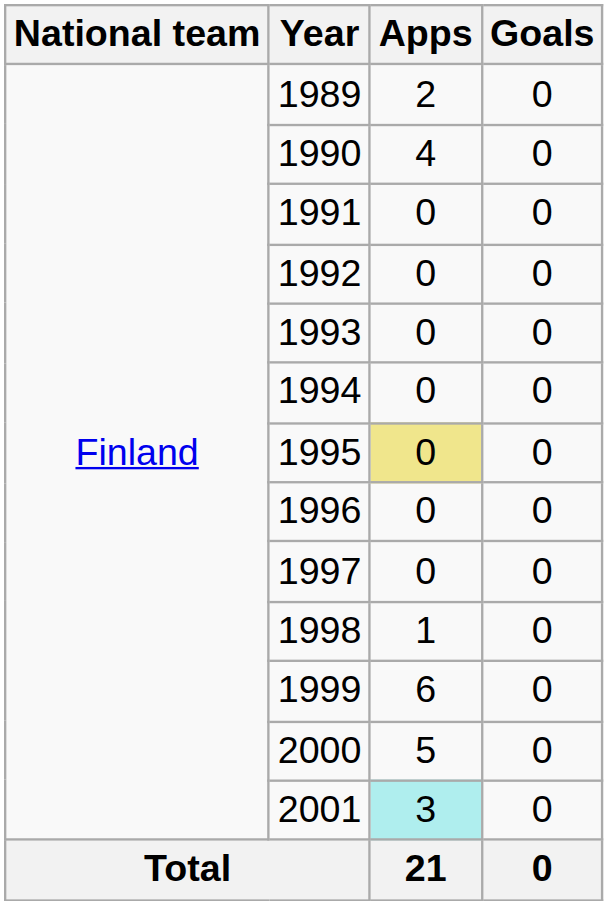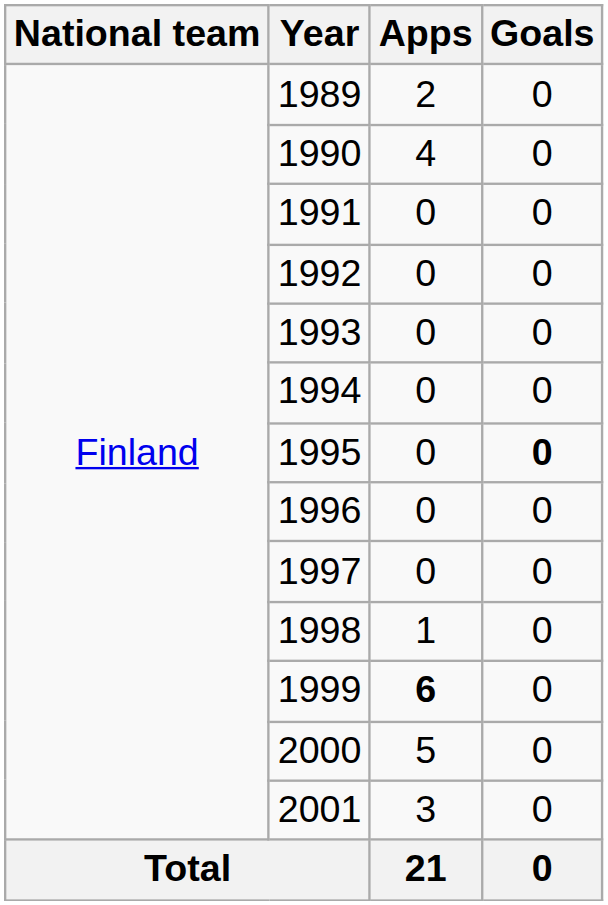 <table class="wikitable" style="text-align:center">
 <tr>
 <th>National team</th>
 <th>Year</th>
 <th>Apps</th>
 <th>Goals</th>
 </tr>
 <tr>
 <td rowspan="13"><a href='#'>Finland</a></td>
 <td>1989</td>
 <td>2</td>
 <td>0</td>
 </tr>
 <tr>
 <td>1990</td>
 <td>4</td>
 <td>0</td>
 </tr>
 <tr>
 <td>1991</td>
 <td>0</td>
 <td>0</td>
 </tr>
 <tr>
 <td>1992</td>
 <td>0</td>
 <td>0</td>
 </tr>
 <tr>
 <td>1993</td>
 <td>0</td>
 <td>0</td>
 </tr>
 <tr>
 <td>1994</td>
 <td>0</td>
 <td>0</td>
 </tr>
 <tr>
 <td>1995</td>
-<td style="background: khaki;">0</td>
 <td>0</td>
+<td><strong>0</strong></td>
 </tr>
 <tr>
 <td>1996</td>
 <td>0</td>
 <td>0</td>
 </tr>
 <tr>
 <td>1997</td>
 <td>0</td>
 <td>0</td>
 </tr>
 <tr>
 <td>1998</td>
 <td>1</td>
 <td>0</td>
 </tr>
 <tr>
 <td>1999</td>
-<td>6</td>
+<td><strong>6</strong></td>
 <td>0</td>
 </tr>
 <tr>
 <td>2000</td>
 <td>5</td>
 <td>0</td>
 </tr>
 <tr>
 <td>2001</td>
-<td style="background: paleturquoise;">3</td>
+<td>3</td>
 <td>0</td>
 </tr>
 <tr>
 <th colspan="2">Total</th>
 <th>21</th>
 <th>0</th>
 </tr>
 </table>
